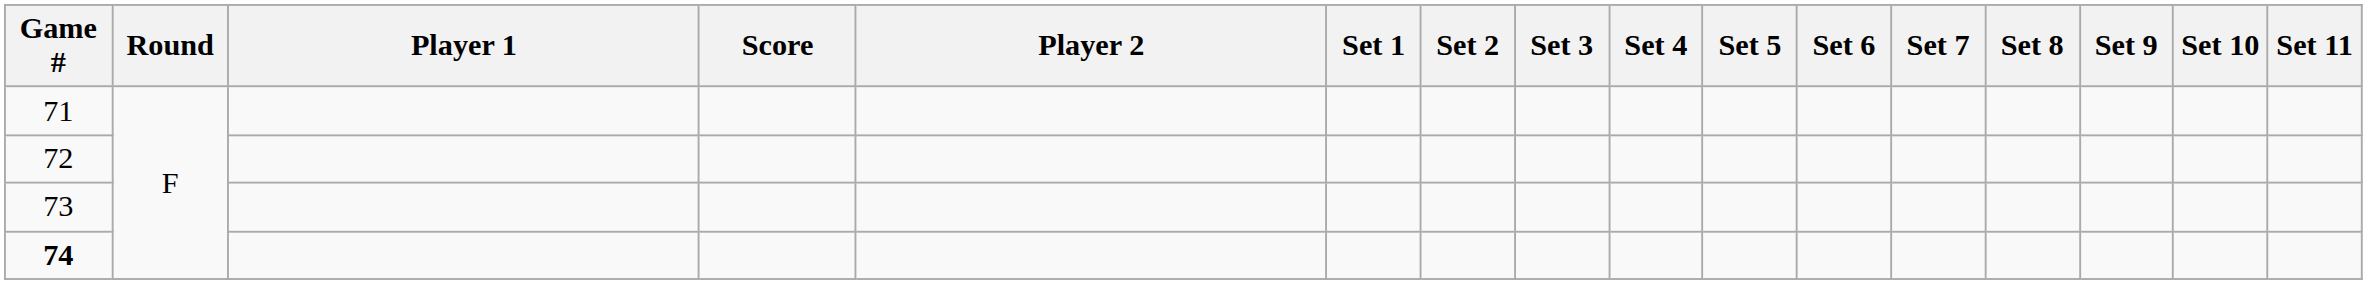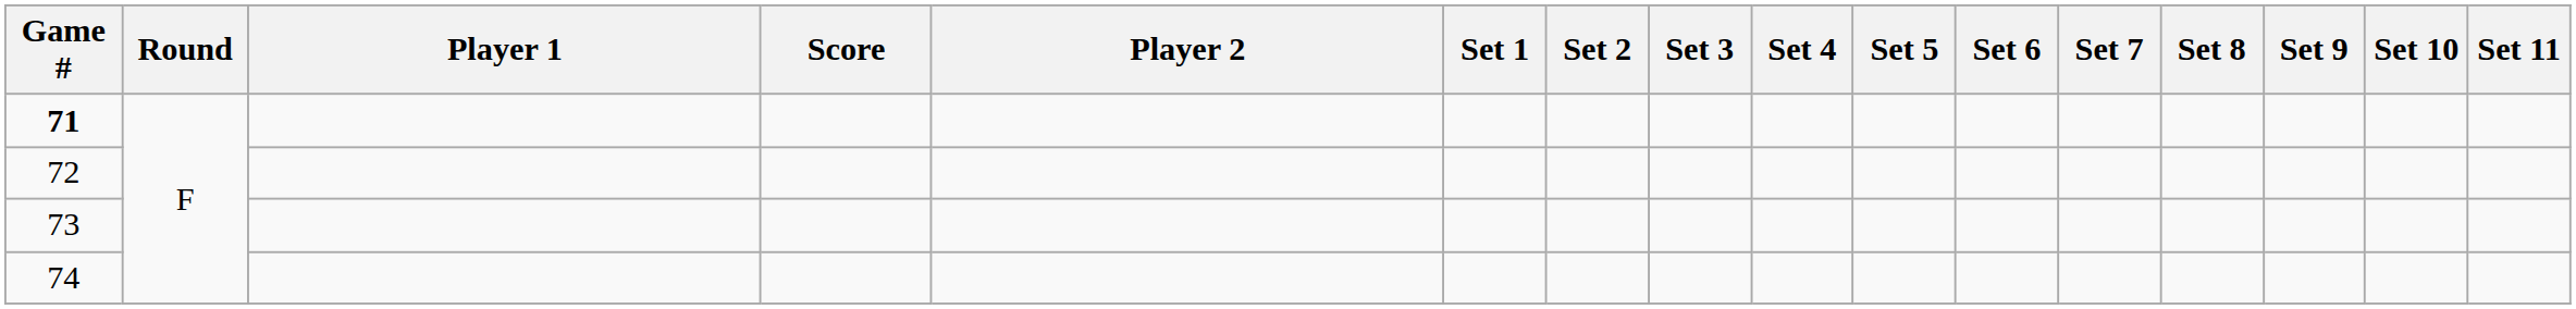 <table class="wikitable">
 <tr>
 <th width="2%">Game #</th>
 <th width="2%">Round</th>
 <th width="15%">Player 1</th>
 <th width="5%">Score</th>
 <th width="15%">Player 2</th>
 <th width="3%">Set 1</th>
 <th width="3%">Set 2</th>
 <th width="3%">Set 3</th>
 <th width="3%">Set 4</th>
 <th width="3%">Set 5</th>
 <th width="3%">Set 6</th>
 <th width="3%">Set 7</th>
 <th width="3%">Set 8</th>
 <th width="3%">Set 9</th>
 <th width="3%">Set 10</th>
 <th width="3%">Set 11</th>
 </tr>
 <tr style=text-align:center;>
-<td>71</td>
+<td><strong>71</strong></td>
 <td rowspan=4>F</td>
 <td></td>
 <td></td>
 <td></td>
 <td></td>
 <td></td>
 <td></td>
 <td></td>
 <td></td>
 <td></td>
 <td></td>
 <td></td>
 <td></td>
 <td></td>
 <td></td>
 </tr>
 <tr style=text-align:center;>
 <td>72</td>
 <td></td>
 <td></td>
 <td></td>
 <td></td>
 <td></td>
 <td></td>
 <td></td>
 <td></td>
 <td></td>
 <td></td>
 <td></td>
 <td></td>
 <td></td>
 <td></td>
 </tr>
 <tr style=text-align:center;>
 <td>73</td>
 <td></td>
 <td></td>
 <td></td>
 <td></td>
 <td></td>
 <td></td>
 <td></td>
 <td></td>
 <td></td>
 <td></td>
 <td></td>
 <td></td>
 <td></td>
 <td></td>
 </tr>
 <tr style=text-align:center;>
-<td><strong>74</strong></td>
+<td>74</td>
 <td></td>
 <td></td>
 <td></td>
 <td></td>
 <td></td>
 <td></td>
 <td></td>
 <td></td>
 <td></td>
 <td></td>
 <td></td>
 <td></td>
 <td></td>
 <td></td>
 </tr>
 </table>
